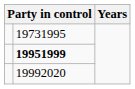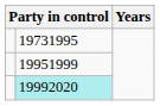 <table class="wikitable">
 <tr>
 <th colspan="2">Party in control</th>
 <th>Years</th>
 </tr>
 <tr>
 <td></td>
 <td>19731995</td>
 </tr>
 <tr>
 <td></td>
-<td><strong>19951999</strong></td>
+<td>19951999</td>
 </tr>
 <tr>
 <td></td>
-<td>19992020</td>
+<td style="background: paleturquoise;">19992020</td>
 </tr>
 </table>
